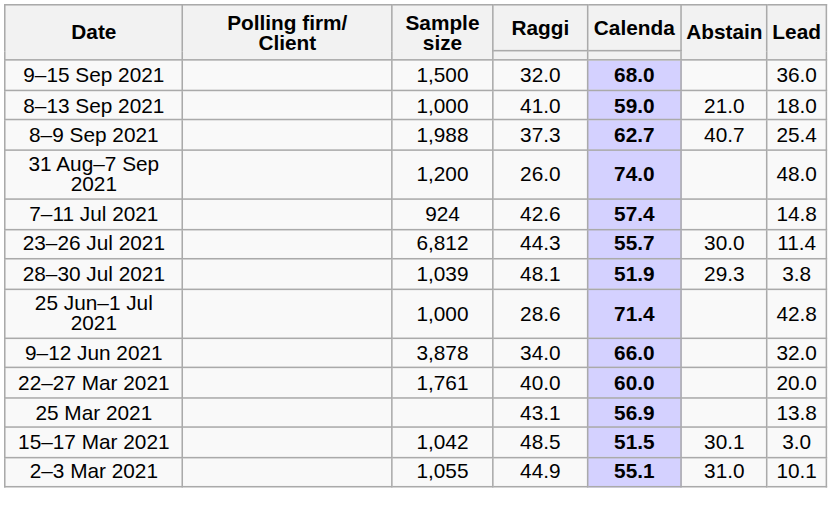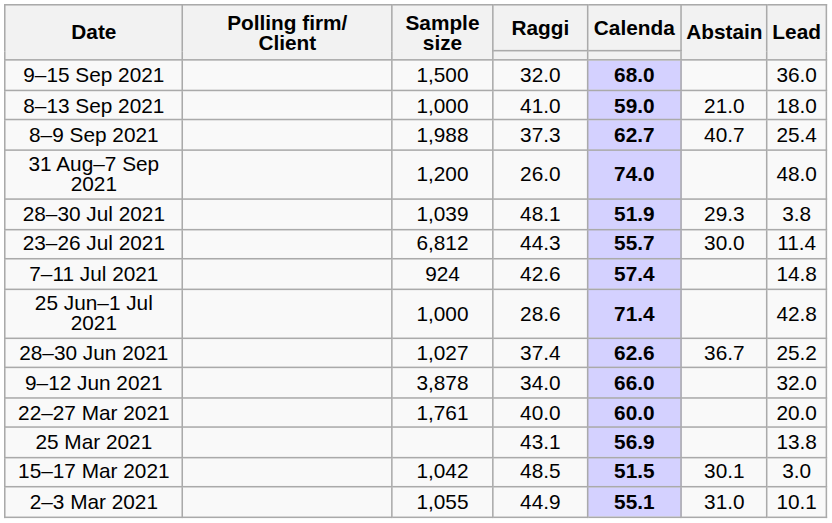 <table class=wikitable style="text-align:center;font-size:85%;line-height:13px">
 <tr style="height:30px; background-color:#E9E9E9">
 <th style="width:110px;" rowspan="2">Date</th>
 <th style="width:130px;" rowspan="2">Polling firm/<br>Client</th>
 <th style="width:60px;" rowspan="2">Sample size</th>
 <th style="width:55px;">Raggi</th>
 <th style="width:55px;">Calenda</th>
 <th style="width:30px;" rowspan="2">Abstain</th>
 <th style="width:30px;" rowspan="2">Lead</th>
 </tr>
 <tr>
 <th style="color:inherit;background:"></th>
 <th style="color:inherit;background:"></th>
 </tr>
 <tr>
 <td>9–15 Sep 2021</td>
 <td></td>
 <td>1,500</td>
 <td>32.0</td>
 <td style="background:#D4D1FF"><strong>68.0</strong></td>
 <td></td>
 <td style="background:">36.0</td>
 </tr>
 <tr>
 <td>8–13 Sep 2021</td>
 <td></td>
 <td>1,000</td>
 <td>41.0</td>
 <td style="background:#D4D1FF"><strong>59.0</strong></td>
 <td>21.0</td>
 <td style="background:">18.0</td>
 </tr>
 <tr>
 <td>8–9 Sep 2021</td>
 <td></td>
 <td>1,988</td>
 <td>37.3</td>
 <td style="background:#D4D1FF"><strong>62.7</strong></td>
 <td>40.7</td>
 <td style="background:">25.4</td>
 </tr>
 <tr>
 <td>31 Aug–7 Sep 2021</td>
 <td></td>
 <td>1,200</td>
 <td>26.0</td>
 <td style="background:#D4D1FF"><strong>74.0</strong></td>
 <td></td>
 <td style="background:">48.0</td>
 </tr>
 <tr>
-<td>7–11 Jul 2021</td>
+<td>28–30 Jul 2021</td>
 <td></td>
-<td>924</td>
-<td>42.6</td>
-<td style="background:#D4D1FF"><strong>57.4</strong></td>
-<td></td>
-<td style="background:">14.8</td>
+<td>1,039</td>
+<td>48.1</td>
+<td style="background:#D4D1FF"><strong>51.9</strong></td>
+<td>29.3</td>
+<td style="background:">3.8</td>
 </tr>
 <tr>
 <td>23–26 Jul 2021</td>
 <td></td>
 <td>6,812</td>
 <td>44.3</td>
 <td style="background:#D4D1FF"><strong>55.7</strong></td>
 <td>30.0</td>
 <td style="background:">11.4</td>
 </tr>
 <tr>
-<td>28–30 Jul 2021</td>
+<td>7–11 Jul 2021</td>
 <td></td>
-<td>1,039</td>
-<td>48.1</td>
-<td style="background:#D4D1FF"><strong>51.9</strong></td>
-<td>29.3</td>
-<td style="background:">3.8</td>
+<td>924</td>
+<td>42.6</td>
+<td style="background:#D4D1FF"><strong>57.4</strong></td>
+<td></td>
+<td style="background:">14.8</td>
 </tr>
 <tr>
 <td>25 Jun–1 Jul 2021</td>
 <td></td>
 <td>1,000</td>
 <td>28.6</td>
 <td style="background:#D4D1FF"><strong>71.4</strong></td>
 <td></td>
 <td style="background:">42.8</td>
+</tr>
+<tr>
+<td>28–30 Jun 2021</td>
+<td></td>
+<td>1,027</td>
+<td>37.4</td>
+<td style="background:#D4D1FF"><strong>62.6</strong></td>
+<td>36.7</td>
+<td style="background:">25.2</td>
 </tr>
 <tr>
 <td>9–12 Jun 2021</td>
 <td></td>
 <td>3,878</td>
 <td>34.0</td>
 <td style="background:#D4D1FF"><strong>66.0</strong></td>
 <td></td>
 <td style="background:">32.0</td>
 </tr>
 <tr>
 <td>22–27 Mar 2021</td>
 <td></td>
 <td>1,761</td>
 <td>40.0</td>
 <td style="background:#D4D1FF"><strong>60.0</strong></td>
 <td></td>
 <td style="background:">20.0</td>
 </tr>
 <tr>
 <td>25 Mar 2021</td>
 <td></td>
 <td></td>
 <td>43.1</td>
 <td style="background:#D4D1FF"><strong>56.9</strong></td>
 <td></td>
 <td style="background:">13.8</td>
 </tr>
 <tr>
 <td>15–17 Mar 2021</td>
 <td></td>
 <td>1,042</td>
 <td>48.5</td>
 <td style="background:#D4D1FF"><strong>51.5</strong></td>
 <td>30.1</td>
 <td style="background:">3.0</td>
 </tr>
 <tr>
 <td>2–3 Mar 2021</td>
 <td></td>
 <td>1,055</td>
 <td>44.9</td>
 <td style="background:#D4D1FF"><strong>55.1</strong></td>
 <td>31.0</td>
 <td style="background:">10.1</td>
 </tr>
 </table>
